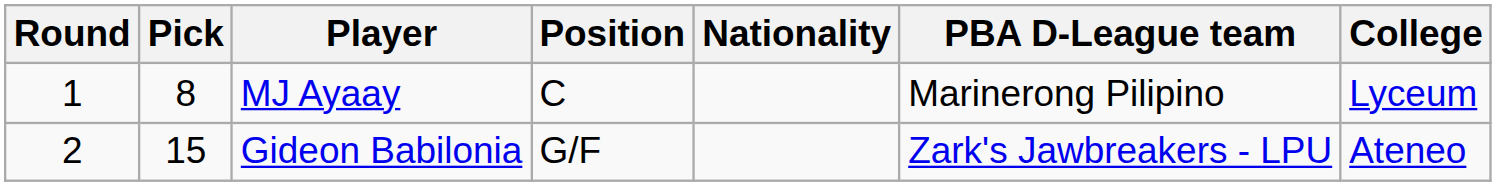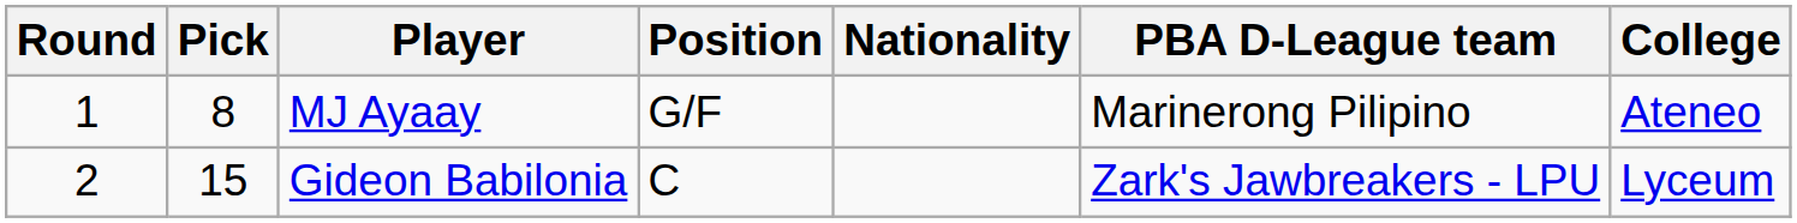 <table class="wikitable sortable sortable">
 <tr>
 <th>Round</th>
 <th>Pick</th>
 <th>Player</th>
 <th>Position</th>
 <th>Nationality</th>
 <th>PBA D-League team</th>
 <th>College</th>
 </tr>
 <tr>
 <td align=center>1</td>
 <td align=center>8</td>
 <td><a href='#'>MJ Ayaay</a></td>
-<td>C</td>
+<td>G/F</td>
 <td></td>
 <td>Marinerong Pilipino</td>
-<td><a href='#'>Lyceum</a></td>
+<td><a href='#'>Ateneo</a></td>
 </tr>
 <tr>
 <td align=center>2</td>
 <td align=center>15</td>
 <td><a href='#'>Gideon Babilonia</a></td>
-<td>G/F</td>
+<td>C</td>
 <td></td>
 <td><a href='#'>Zark's Jawbreakers - LPU</a></td>
-<td><a href='#'>Ateneo</a></td>
+<td><a href='#'>Lyceum</a></td>
 </tr>
 </table>
